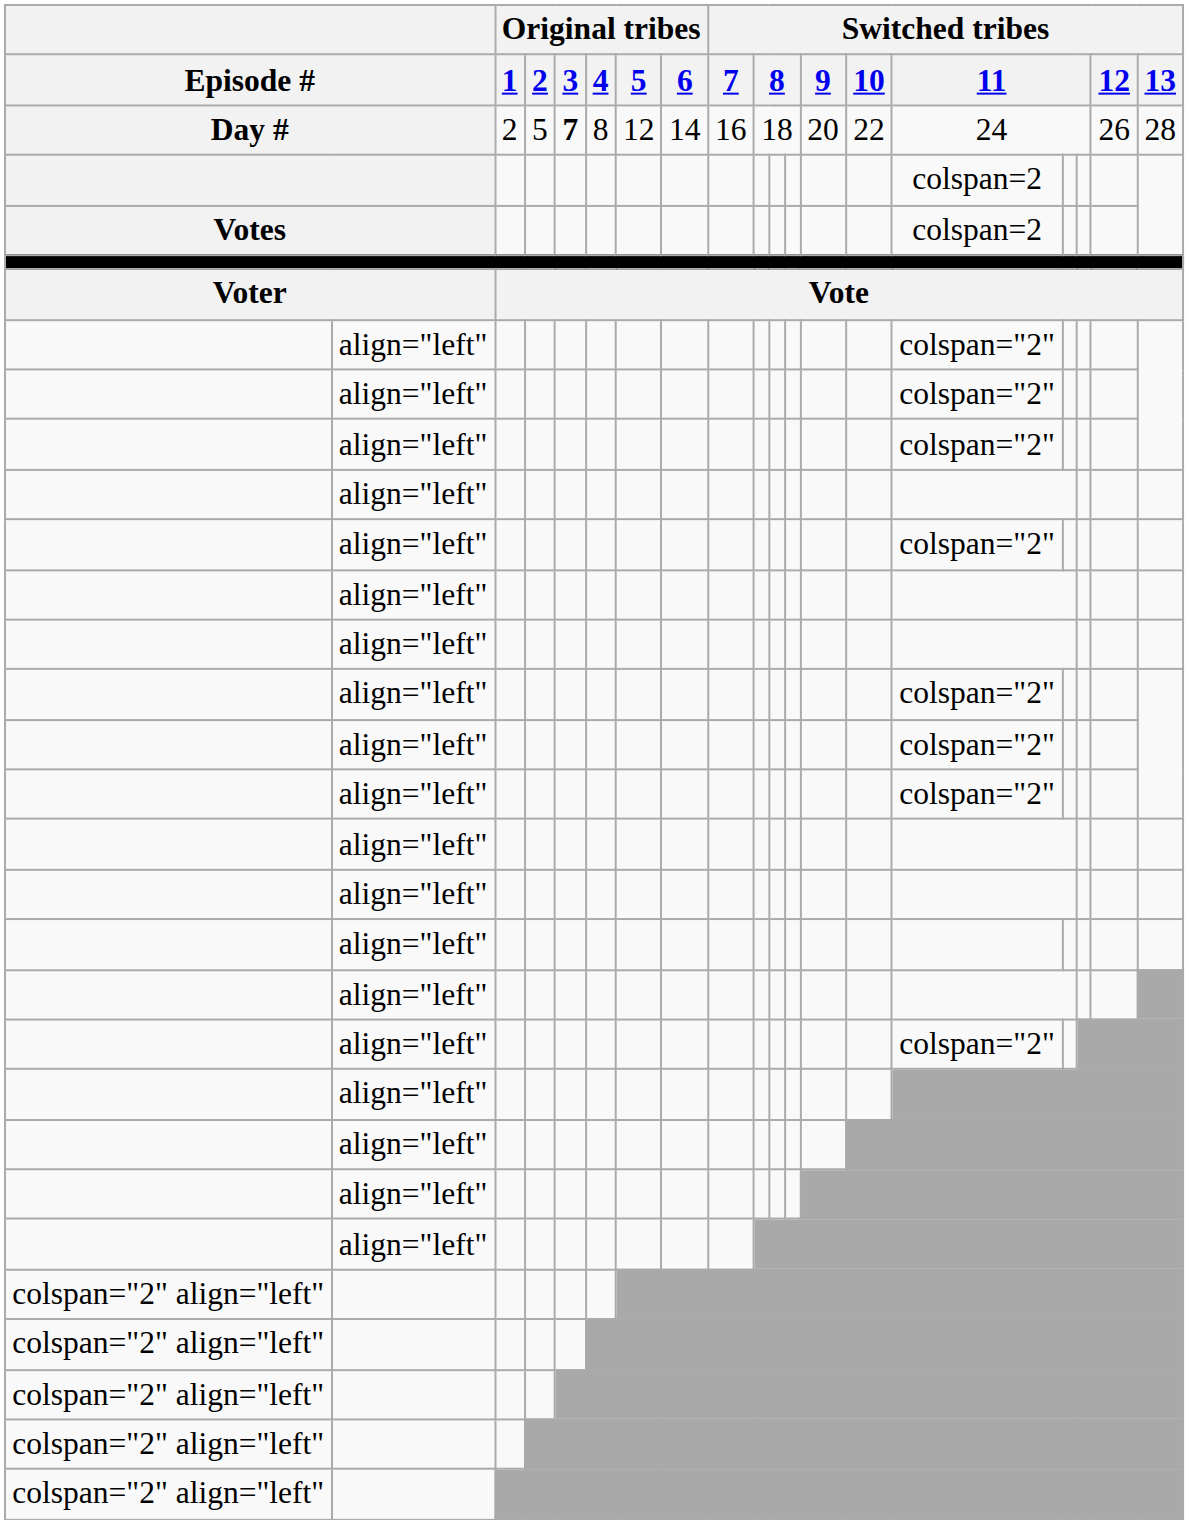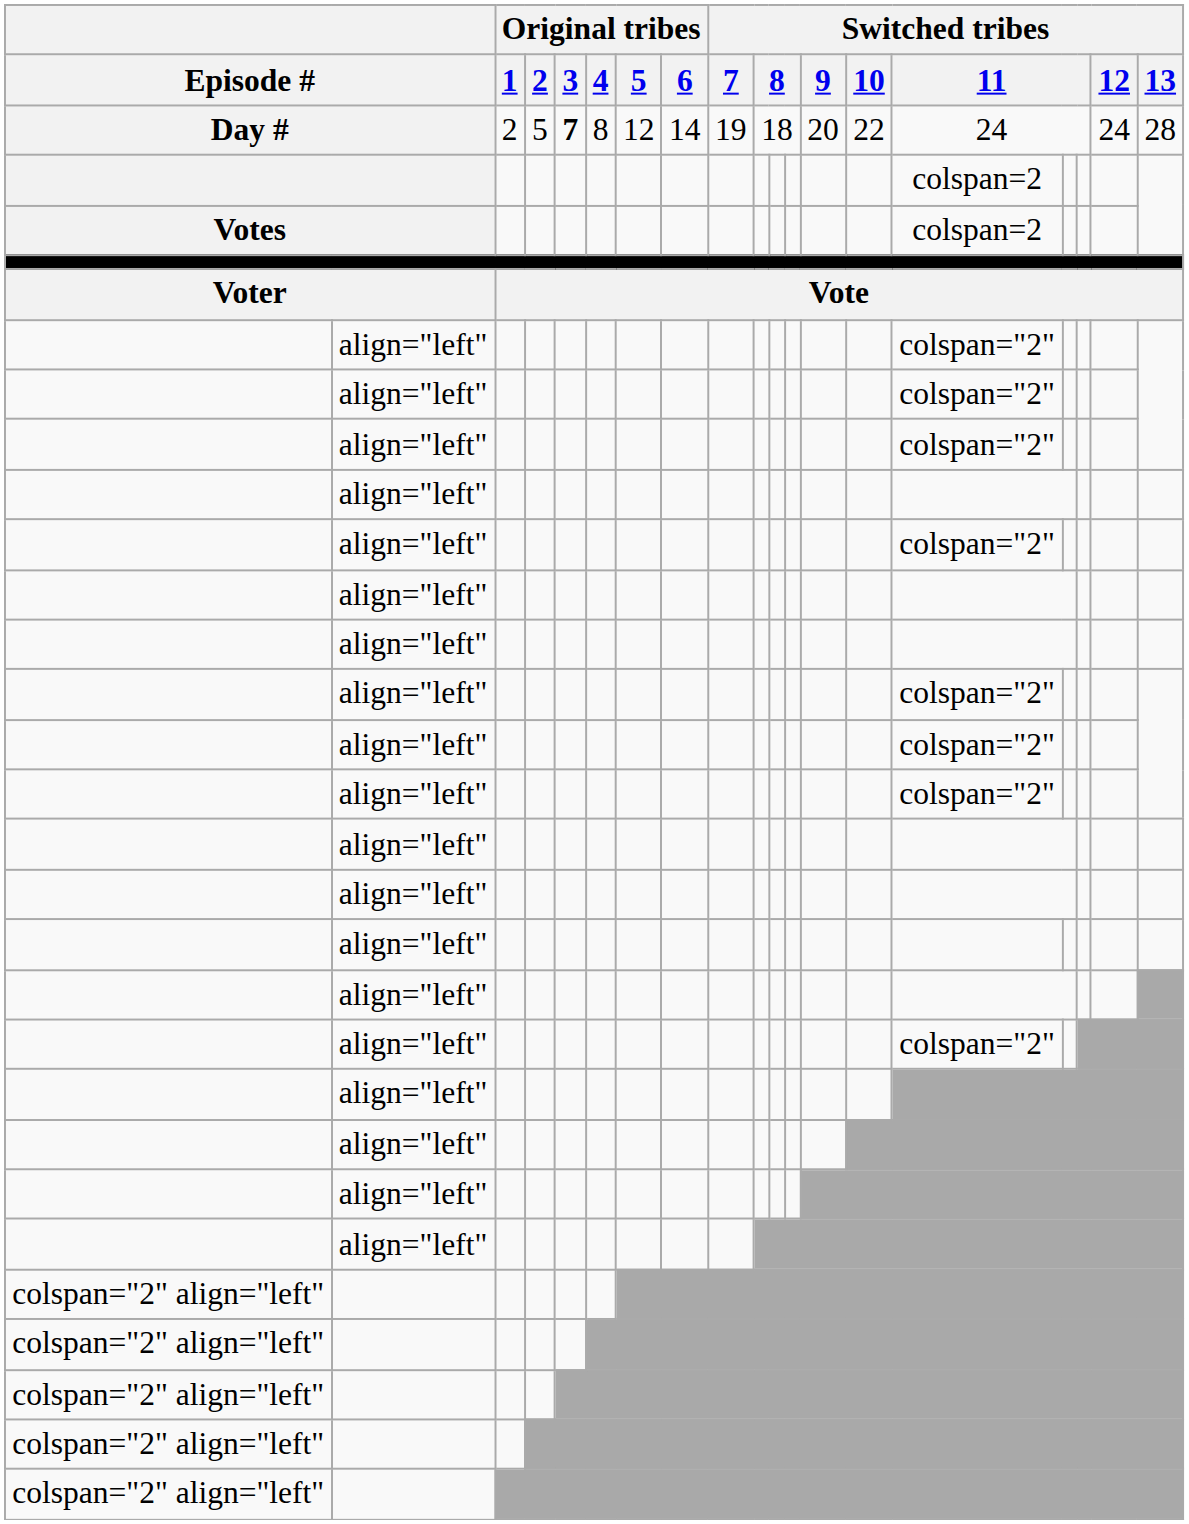 <table class="wikitable nowrap" style="text-align:center;">
 <tr>
 <th colspan="2"></th>
 <th colspan="6">Original tribes</th>
 <th colspan="11">Switched tribes</th>
 </tr>
 <tr>
 <th colspan="2">Episode #</th>
 <th><a href='#'>1</a></th>
 <th><a href='#'>2</a></th>
 <th><a href='#'>3</a></th>
 <th><a href='#'>4</a></th>
 <th><a href='#'>5</a></th>
 <th><a href='#'>6</a></th>
 <th><a href='#'>7</a></th>
 <th colspan="3"><a href='#'>8</a></th>
 <th><a href='#'>9</a></th>
 <th><a href='#'>10</a></th>
 <th colspan="3"><a href='#'>11</a></th>
 <th><a href='#'>12</a></th>
 <th><a href='#'>13</a></th>
 </tr>
 <tr>
 <th colspan="2">Day #</th>
 <td>2</td>
 <td>5</td>
 <td><strong>7</strong></td>
 <td>8</td>
 <td>12</td>
 <td>14</td>
-<td>16</td>
+<td>19</td>
 <td colspan="3">18</td>
 <td>20</td>
 <td>22</td>
 <td colspan="3">24</td>
-<td>26</td>
+<td>24</td>
 <td>28</td>
 </tr>
 <tr>
 <th colspan="2"></th>
 <td></td>
 <td></td>
 <td></td>
 <td></td>
 <td></td>
 <td></td>
 <td></td>
 <td></td>
 <td></td>
 <td></td>
 <td></td>
 <td></td>
 <td>colspan=2 </td>
 <td></td>
 <td></td>
 <td></td>
 </tr>
 <tr>
 <th colspan="2">Votes</th>
 <td></td>
 <td></td>
 <td></td>
 <td></td>
 <td></td>
 <td></td>
 <td></td>
 <td></td>
 <td></td>
 <td></td>
 <td></td>
 <td></td>
 <td>colspan=2 </td>
 <td></td>
 <td></td>
 <td></td>
 </tr>
 <tr>
 <td bgcolor=black colspan="19"></td>
 </tr>
 <tr>
 <th colspan="2">Voter</th>
 <th colspan="17">Vote</th>
 </tr>
 <tr>
 <td></td>
 <td>align="left" </td>
 <td></td>
 <td></td>
 <td></td>
 <td></td>
 <td></td>
 <td></td>
 <td></td>
 <td></td>
 <td></td>
 <td></td>
 <td></td>
 <td></td>
 <td>colspan="2" </td>
 <td></td>
 <td></td>
 <td></td>
 </tr>
 <tr>
 <td></td>
 <td>align="left" </td>
 <td></td>
 <td></td>
 <td></td>
 <td></td>
 <td></td>
 <td></td>
 <td></td>
 <td></td>
 <td></td>
 <td></td>
 <td></td>
 <td></td>
 <td>colspan="2"</td>
 <td></td>
 <td></td>
 <td></td>
 </tr>
 <tr>
 <td></td>
 <td>align="left" </td>
 <td></td>
 <td></td>
 <td></td>
 <td></td>
 <td></td>
 <td></td>
 <td></td>
 <td></td>
 <td></td>
 <td></td>
 <td></td>
 <td></td>
 <td>colspan="2"</td>
 <td></td>
 <td></td>
 <td></td>
 </tr>
 <tr>
 <td></td>
 <td>align="left" </td>
 <td></td>
 <td></td>
 <td></td>
 <td></td>
 <td></td>
 <td></td>
 <td></td>
 <td></td>
 <td></td>
 <td></td>
 <td></td>
 <td></td>
 <td colspan="2"></td>
 <td></td>
 <td></td>
 <td></td>
 </tr>
 <tr>
 <td></td>
 <td>align="left" </td>
 <td></td>
 <td></td>
 <td></td>
 <td></td>
 <td></td>
 <td></td>
 <td></td>
 <td></td>
 <td></td>
 <td></td>
 <td></td>
 <td></td>
 <td>colspan="2"</td>
 <td></td>
 <td></td>
 <td></td>
 </tr>
 <tr>
 <td></td>
 <td>align="left" </td>
 <td></td>
 <td></td>
 <td></td>
 <td></td>
 <td></td>
 <td></td>
 <td></td>
 <td></td>
 <td></td>
 <td></td>
 <td></td>
 <td></td>
 <td colspan="2"></td>
 <td></td>
 <td></td>
 <td></td>
 </tr>
 <tr>
 <td></td>
 <td>align="left" </td>
 <td></td>
 <td></td>
 <td></td>
 <td></td>
 <td></td>
 <td></td>
 <td></td>
 <td></td>
 <td></td>
 <td></td>
 <td></td>
 <td></td>
 <td colspan="2"></td>
 <td></td>
 <td></td>
 <td></td>
 </tr>
 <tr>
 <td></td>
 <td>align="left" </td>
 <td></td>
 <td></td>
 <td></td>
 <td></td>
 <td></td>
 <td></td>
 <td></td>
 <td></td>
 <td></td>
 <td></td>
 <td></td>
 <td></td>
 <td>colspan="2"</td>
 <td></td>
 <td></td>
 <td></td>
 </tr>
 <tr>
 <td></td>
 <td>align="left" </td>
 <td></td>
 <td></td>
 <td></td>
 <td></td>
 <td></td>
 <td></td>
 <td></td>
 <td></td>
 <td></td>
 <td></td>
 <td></td>
 <td></td>
 <td>colspan="2"</td>
 <td></td>
 <td></td>
 <td></td>
 </tr>
 <tr>
 <td></td>
 <td>align="left" </td>
 <td></td>
 <td></td>
 <td></td>
 <td></td>
 <td></td>
 <td></td>
 <td></td>
 <td></td>
 <td></td>
 <td></td>
 <td></td>
 <td></td>
 <td>colspan="2"</td>
 <td></td>
 <td></td>
 <td></td>
 </tr>
 <tr>
 <td></td>
 <td>align="left" </td>
 <td></td>
 <td></td>
 <td></td>
 <td></td>
 <td></td>
 <td></td>
 <td></td>
 <td></td>
 <td></td>
 <td></td>
 <td></td>
 <td></td>
 <td colspan="2"></td>
 <td></td>
 <td></td>
 <td></td>
 </tr>
 <tr>
 <td></td>
 <td>align="left" </td>
 <td></td>
 <td></td>
 <td></td>
 <td></td>
 <td></td>
 <td></td>
 <td></td>
 <td></td>
 <td></td>
 <td></td>
 <td></td>
 <td></td>
 <td colspan="2"></td>
 <td></td>
 <td></td>
 <td></td>
 </tr>
 <tr>
 <td></td>
 <td>align="left" </td>
 <td></td>
 <td></td>
 <td></td>
 <td></td>
 <td></td>
 <td></td>
 <td></td>
 <td></td>
 <td></td>
 <td></td>
 <td></td>
 <td></td>
 <td></td>
 <td></td>
 <td></td>
 <td></td>
 <td></td>
 </tr>
 <tr>
 <td></td>
 <td>align="left" </td>
 <td></td>
 <td></td>
 <td></td>
 <td></td>
 <td></td>
 <td></td>
 <td></td>
 <td></td>
 <td></td>
 <td></td>
 <td></td>
 <td></td>
 <td colspan="2"></td>
 <td></td>
 <td></td>
 <td colspan="16" bgcolor="darkgrey"></td>
 </tr>
 <tr>
 <td></td>
 <td>align="left" </td>
 <td></td>
 <td></td>
 <td></td>
 <td></td>
 <td></td>
 <td></td>
 <td></td>
 <td></td>
 <td></td>
 <td></td>
 <td></td>
 <td></td>
 <td>colspan="2"</td>
 <td></td>
 <td colspan="17" bgcolor="darkgrey"></td>
 </tr>
 <tr>
 <td></td>
 <td>align="left" </td>
 <td></td>
 <td></td>
 <td></td>
 <td></td>
 <td></td>
 <td></td>
 <td></td>
 <td></td>
 <td></td>
 <td></td>
 <td></td>
 <td></td>
 <td colspan="18" bgcolor="darkgrey"></td>
 </tr>
 <tr>
 <td></td>
 <td>align="left" </td>
 <td></td>
 <td></td>
 <td></td>
 <td></td>
 <td></td>
 <td></td>
 <td></td>
 <td></td>
 <td></td>
 <td></td>
 <td></td>
 <td colspan="19" bgcolor="darkgrey"></td>
 </tr>
 <tr>
 <td></td>
 <td>align="left" </td>
 <td></td>
 <td></td>
 <td></td>
 <td></td>
 <td></td>
 <td></td>
 <td></td>
 <td></td>
 <td></td>
 <td></td>
 <td colspan="18" bgcolor="darkgrey"></td>
 </tr>
 <tr>
 <td></td>
 <td>align="left" </td>
 <td></td>
 <td></td>
 <td></td>
 <td></td>
 <td></td>
 <td></td>
 <td></td>
 <td colspan="19" bgcolor="darkgrey"></td>
 </tr>
 <tr>
 <td>colspan="2" align="left" </td>
 <td></td>
 <td></td>
 <td></td>
 <td></td>
 <td></td>
 <td colspan="20" bgcolor="darkgrey"></td>
 </tr>
 <tr>
 <td>colspan="2" align="left" </td>
 <td></td>
 <td></td>
 <td></td>
 <td></td>
 <td colspan="21" bgcolor="darkgrey"></td>
 </tr>
 <tr>
 <td>colspan="2" align="left" </td>
 <td></td>
 <td></td>
 <td></td>
 <td colspan="22" bgcolor="darkgrey"></td>
 </tr>
 <tr>
 <td>colspan="2" align="left" </td>
 <td></td>
 <td></td>
 <td colspan="23" bgcolor="darkgrey"></td>
 </tr>
 <tr>
 <td>colspan="2" align="left" </td>
 <td></td>
 <td colspan="24" bgcolor="darkgrey"></td>
 </tr>
 <tr>
 </tr>
 </table>
